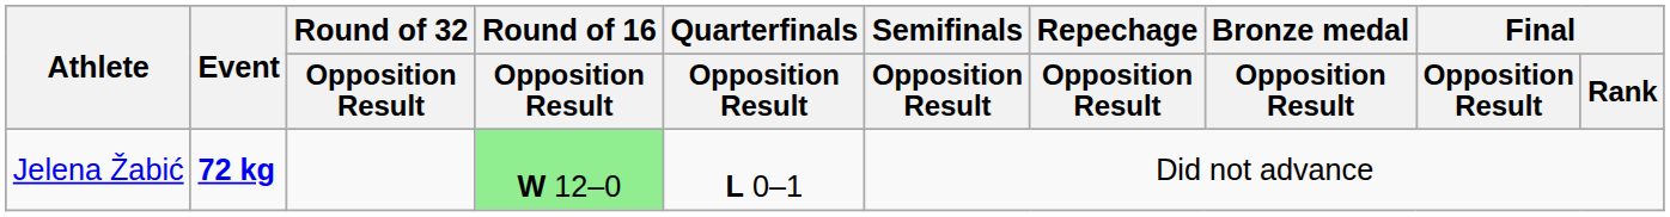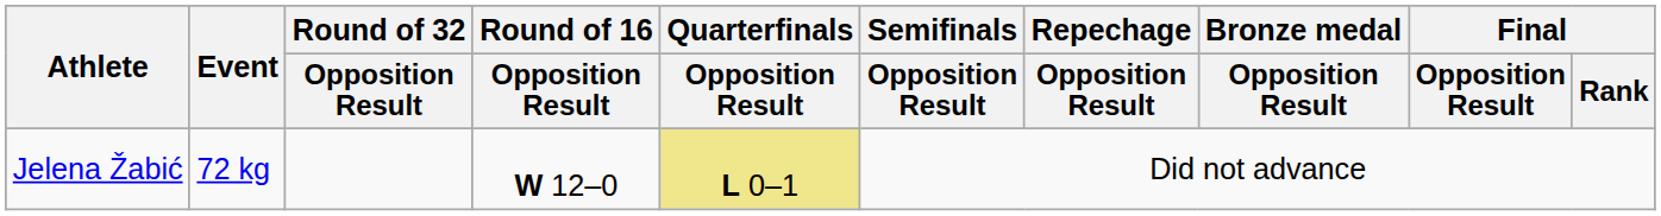 <table class="wikitable" style="font-size:90%;">
 <tr>
 <th rowspan=2>Athlete</th>
 <th rowspan=2>Event</th>
 <th>Round of 32</th>
 <th>Round of 16</th>
 <th>Quarterfinals</th>
 <th>Semifinals</th>
 <th>Repechage</th>
 <th>Bronze medal</th>
 <th colspan=2>Final</th>
 </tr>
 <tr style="font-size:95%">
 <th>Opposition<br>Result</th>
 <th>Opposition<br>Result</th>
 <th>Opposition<br>Result</th>
 <th>Opposition<br>Result</th>
 <th>Opposition<br>Result</th>
 <th>Opposition<br>Result</th>
 <th>Opposition<br>Result</th>
 <th>Rank</th>
 </tr>
 <tr align=center>
 <td align=left><a href='#'>Jelena Žabić</a></td>
-<td align=left><strong><a href='#'>72 kg</a></strong></td>
+<td align=left><a href='#'>72 kg</a></td>
 <td></td>
-<td style="background: lightgreen;"><br><strong>W</strong> 12–0</td>
-<td><br><strong>L</strong> 0–1</td>
+<td><br><strong>W</strong> 12–0</td>
+<td style="background: khaki;"><br><strong>L</strong> 0–1</td>
 <td colspan=5 align=center>Did not advance</td>
 </tr>
 </table>
